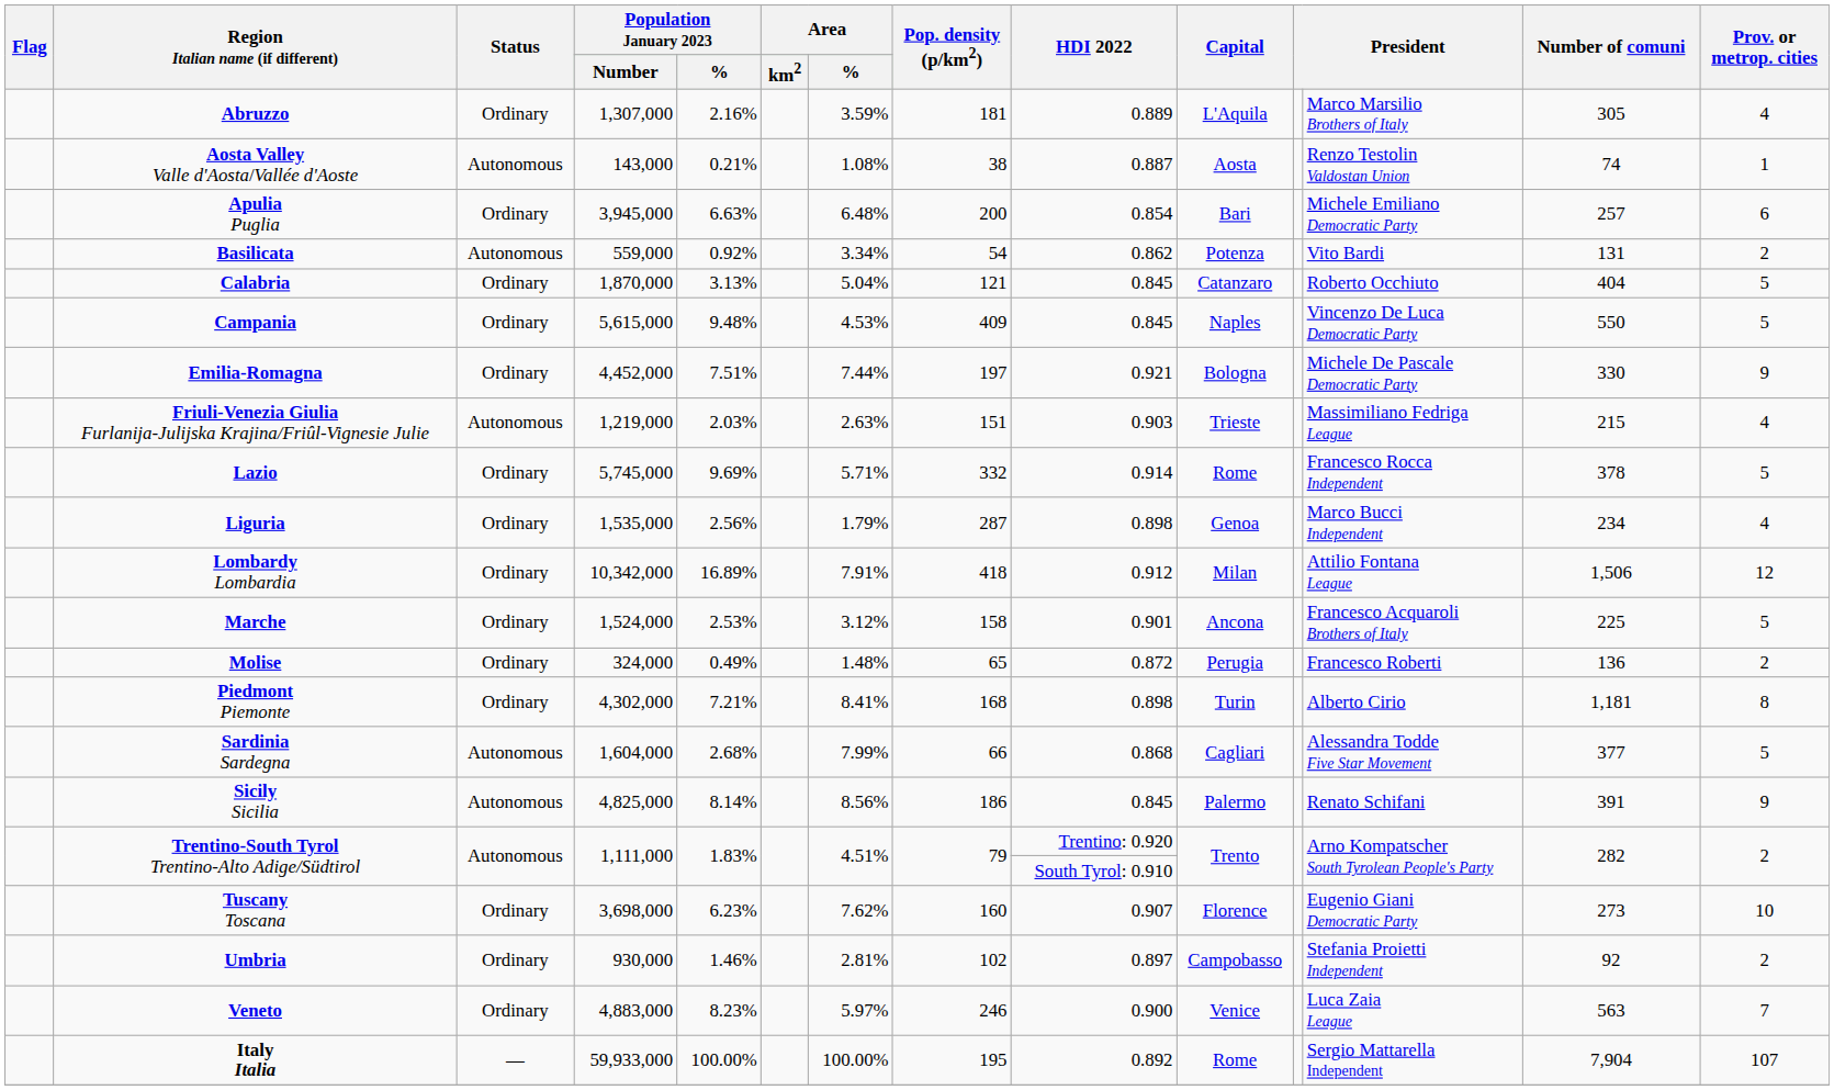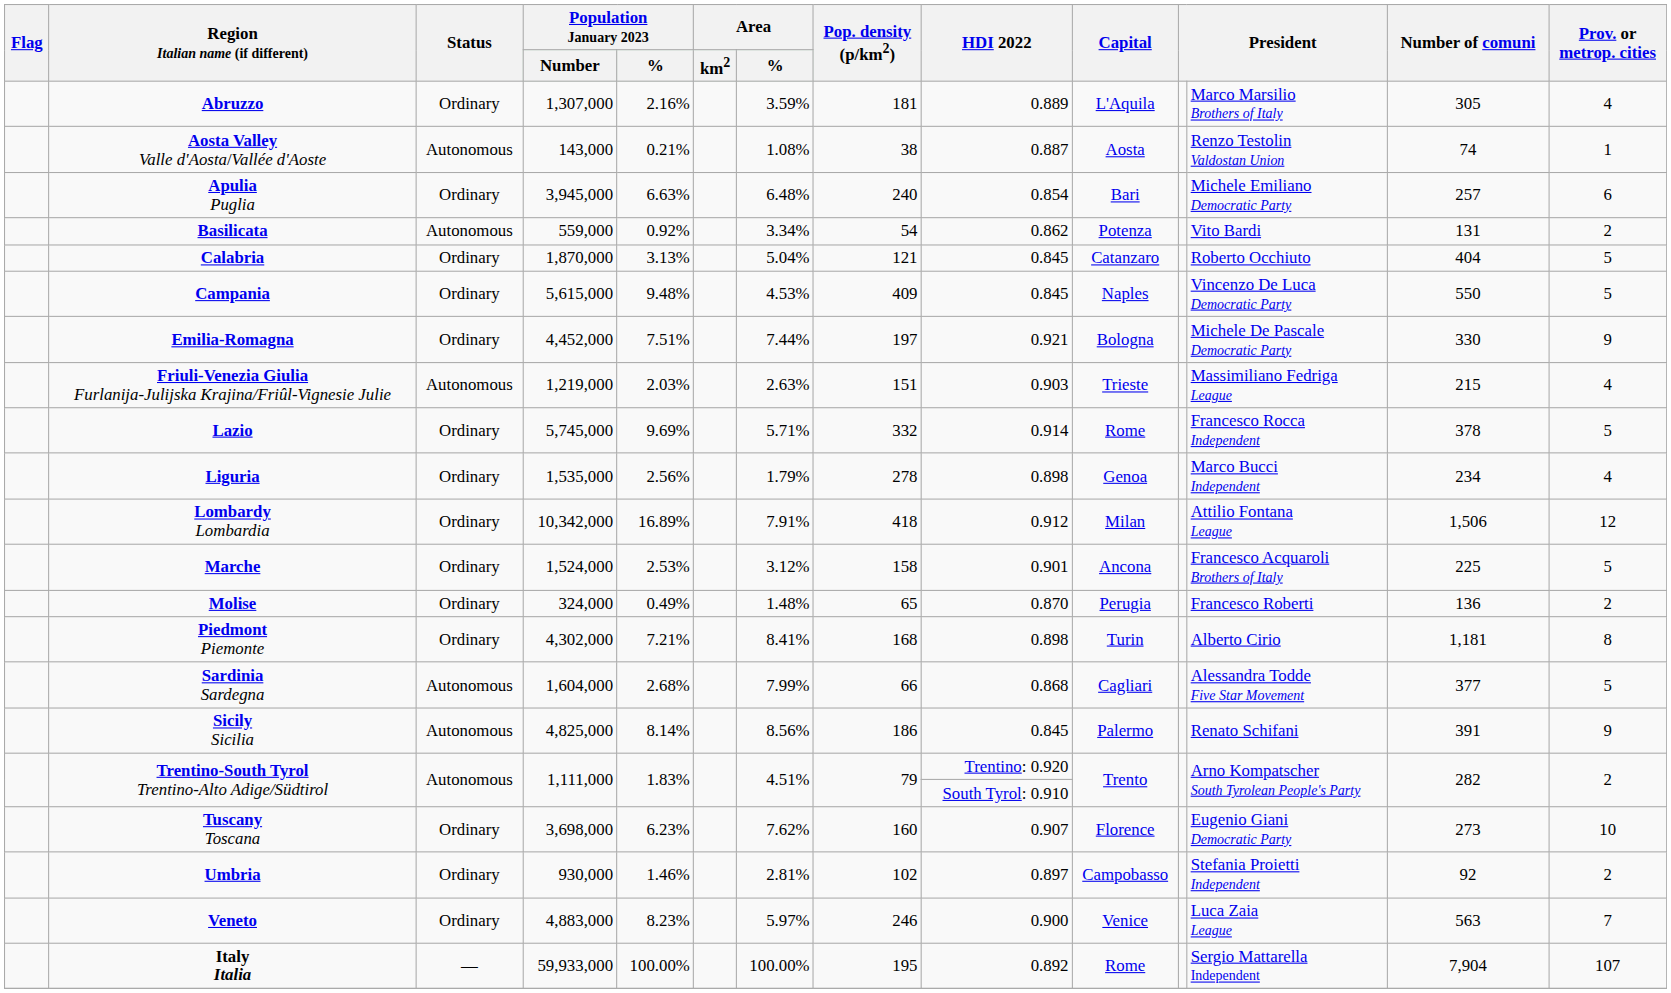 <table class="wikitable sortable" align="center" width="100%" style="font-size:100%">
 <tr>
 <th class="unsortable" rowspan="2"><a href='#'>Flag</a></th>
 <th rowspan=2>Region<br><small><em>Italian name</em> (if different)</small></th>
 <th rowspan=2>Status</th>
 <th colspan=2><a href='#'>Population</a><br><small>January 2023</small></th>
 <th colspan=2>Area</th>
 <th rowspan=2><a href='#'>Pop. density</a><br>(p/km<sup>2</sup>)</th>
 <th rowspan=2><a href='#'>HDI</a> 2022</th>
 <th rowspan=2><a href='#'>Capital</a></th>
 <th class="unsortable" colspan=2 rowspan=2>President</th>
 <th rowspan=2>Number of <a href='#'>comuni</a></th>
 <th rowspan=2><a href='#'>Prov.</a> or<br><a href='#'>metrop. cities</a></th>
 </tr>
 <tr style="background:#CEF6D8"|>
 <th>Number</th>
 <th>%</th>
 <th>km<sup>2</sup></th>
 <th>%</th>
 </tr>
 <tr>
 <td align=center></td>
 <td align=center><strong><a href='#'>Abruzzo</a></strong></td>
 <td align=center>Ordinary</td>
 <td align=right>1,307,000</td>
 <td align=right>2.16%</td>
 <td align=right></td>
 <td align=right>3.59%</td>
 <td align=right>181</td>
 <td align=right>0.889</td>
 <td align=center><a href='#'>L'Aquila</a></td>
 <td style="background:"></td>
 <td><a href='#'>Marco Marsilio</a><br><small><em><a href='#'>Brothers of Italy</a></em></small></td>
 <td align=center>305</td>
 <td align=center>4</td>
 </tr>
 <tr>
 <td align=center></td>
 <td align=center><strong><a href='#'>Aosta Valley</a></strong><br><em>Valle d'Aosta</em>/<em>Vallée d'Aoste</em></td>
 <td align=center>Autonomous</td>
 <td align=right>143,000</td>
 <td align=right>0.21%</td>
 <td align=right></td>
 <td align=right>1.08%</td>
 <td align=right>38</td>
 <td align=right>0.887</td>
 <td align=center><a href='#'>Aosta</a></td>
 <td style="background:"></td>
 <td><a href='#'>Renzo Testolin</a><br><small><em><a href='#'>Valdostan Union</a></em></small></td>
 <td align=center>74</td>
 <td align=center>1</td>
 </tr>
 <tr>
 <td align=center></td>
 <td align=center><strong><a href='#'>Apulia</a></strong><br><em>Puglia</em></td>
 <td align=center>Ordinary</td>
 <td align=right>3,945,000</td>
 <td align=right>6.63%</td>
 <td align=right></td>
 <td align=right>6.48%</td>
-<td align=right>200</td>
+<td align=right>240</td>
 <td align=right>0.854</td>
 <td align=center><a href='#'>Bari</a></td>
 <td style="background:"></td>
 <td><a href='#'>Michele Emiliano</a><br><small><em><a href='#'>Democratic Party</a></em></small></td>
 <td align=center>257</td>
 <td align=center>6</td>
 </tr>
 <tr>
 <td align=center></td>
 <td align=center><strong><a href='#'>Basilicata</a></strong></td>
 <td align=center>Autonomous</td>
 <td align=right>559,000</td>
 <td align=right>0.92%</td>
 <td align=right></td>
 <td align=right>3.34%</td>
 <td align=right>54</td>
 <td align=right>0.862</td>
 <td align=center><a href='#'>Potenza</a></td>
 <td style="background:"></td>
 <td><a href='#'>Vito Bardi</a><br><small></small></td>
 <td align=center>131</td>
 <td align=center>2</td>
 </tr>
 <tr>
 <td align=center></td>
 <td align=center><strong><a href='#'>Calabria</a></strong></td>
 <td align=center>Ordinary</td>
 <td align=right>1,870,000</td>
 <td align=right>3.13%</td>
 <td align=right></td>
 <td align=right>5.04%</td>
 <td align=right>121</td>
 <td align=right>0.845</td>
 <td align=center><a href='#'>Catanzaro</a></td>
 <td style="background:"></td>
 <td><a href='#'>Roberto Occhiuto</a> <br><small></small></td>
 <td align=center>404</td>
 <td align=center>5</td>
 </tr>
 <tr>
 <td align=center></td>
 <td align=center><strong><a href='#'>Campania</a></strong></td>
 <td align=center>Ordinary</td>
 <td align=right>5,615,000</td>
 <td align=right>9.48%</td>
 <td align=right></td>
 <td align=right>4.53%</td>
 <td align=right>409</td>
 <td align=right>0.845</td>
 <td align=center><a href='#'>Naples</a></td>
 <td style="background:"></td>
 <td><a href='#'>Vincenzo De Luca</a><br><small><em><a href='#'>Democratic Party</a></em></small></td>
 <td align=center>550</td>
 <td align=center>5</td>
 </tr>
 <tr>
 <td align=center></td>
 <td align=center><strong><a href='#'>Emilia-Romagna</a></strong></td>
 <td align=center>Ordinary</td>
 <td align=right>4,452,000</td>
 <td align=right>7.51%</td>
 <td align=right></td>
 <td align=right>7.44%</td>
 <td align=right>197</td>
 <td align=right>0.921</td>
 <td align=center><a href='#'>Bologna</a></td>
 <td style="background:"></td>
 <td><a href='#'>Michele De Pascale</a><br><small><em><a href='#'>Democratic Party</a></em></small></td>
 <td align=center>330</td>
 <td align=center>9</td>
 </tr>
 <tr>
 <td align=center></td>
 <td align=center><strong><a href='#'>Friuli-Venezia Giulia</a></strong><br><em>Furlanija-Julijska Krajina/Friûl-Vignesie Julie</em></td>
 <td align=center>Autonomous</td>
 <td align=right>1,219,000</td>
 <td align=right>2.03%</td>
 <td align=right></td>
 <td align=right>2.63%</td>
 <td align=right>151</td>
 <td align=right>0.903</td>
 <td align=center><a href='#'>Trieste</a></td>
 <td style="background:"></td>
 <td><a href='#'>Massimiliano Fedriga</a><br><small><em><a href='#'>League</a></em></small></td>
 <td align=center>215</td>
 <td align=center>4</td>
 </tr>
 <tr>
 <td align=center></td>
 <td align=center><strong><a href='#'>Lazio</a></strong></td>
 <td align=center>Ordinary</td>
 <td align=right>5,745,000</td>
 <td align=right>9.69%</td>
 <td align=right></td>
 <td align=right>5.71%</td>
 <td align=right>332</td>
 <td align=right>0.914</td>
 <td align=center><a href='#'>Rome</a></td>
 <td style="background:"></td>
 <td><a href='#'>Francesco Rocca</a><br><small><em><a href='#'>Independent</a></em></small></td>
 <td align=center>378</td>
 <td align=center>5</td>
 </tr>
 <tr>
 <td align=center></td>
 <td align=center><strong><a href='#'>Liguria</a></strong></td>
 <td align=center>Ordinary</td>
 <td align=right>1,535,000</td>
 <td align=right>2.56%</td>
 <td align=right></td>
 <td align=right>1.79%</td>
-<td align=right>287</td>
+<td align=right>278</td>
 <td align=right>0.898</td>
 <td align=center><a href='#'>Genoa</a></td>
 <td style="background:"></td>
 <td><a href='#'>Marco Bucci</a><br><small><em><a href='#'>Independent</a></em></small></td>
 <td align=center>234</td>
 <td align=center>4</td>
 </tr>
 <tr>
 <td align=center></td>
 <td align=center><strong><a href='#'>Lombardy</a></strong><br><em>Lombardia</em></td>
 <td align=center>Ordinary</td>
 <td align=right>10,342,000</td>
 <td align=right>16.89%</td>
 <td align=right></td>
 <td align=right>7.91%</td>
 <td align=right>418</td>
 <td align=right>0.912</td>
 <td align=center><a href='#'>Milan</a></td>
 <td style="background:"></td>
 <td><a href='#'>Attilio Fontana</a><br><small><em><a href='#'>League</a></em></small></td>
 <td align=center>1,506</td>
 <td align=center>12</td>
 </tr>
 <tr>
 <td align=center></td>
 <td align=center><strong><a href='#'>Marche</a></strong></td>
 <td align=center>Ordinary</td>
 <td align=right>1,524,000</td>
 <td align=right>2.53%</td>
 <td align=right></td>
 <td align=right>3.12%</td>
 <td align=right>158</td>
 <td align=right>0.901</td>
 <td align=center><a href='#'>Ancona</a></td>
 <td style="background:"></td>
 <td><a href='#'>Francesco Acquaroli</a><br><small><em><a href='#'>Brothers of Italy</a></em></small></td>
 <td align=center>225</td>
 <td align=center>5</td>
 </tr>
 <tr>
 <td align=center></td>
 <td align=center><strong><a href='#'>Molise</a></strong></td>
 <td align=center>Ordinary</td>
 <td align=right>324,000</td>
 <td align=right>0.49%</td>
 <td align=right></td>
 <td align=right>1.48%</td>
 <td align=right>65</td>
-<td align=right>0.872</td>
+<td align=right>0.870</td>
 <td align=center><a href='#'>Perugia</a></td>
 <td style="background:"></td>
 <td><a href='#'>Francesco Roberti</a><br><small></small></td>
 <td align=center>136</td>
 <td align=center>2</td>
 </tr>
 <tr>
 <td align=center></td>
 <td align=center><strong><a href='#'>Piedmont</a></strong><br><em>Piemonte</em></td>
 <td align=center>Ordinary</td>
 <td align=right>4,302,000</td>
 <td align=right>7.21%</td>
 <td align=right></td>
 <td align=right>8.41%</td>
 <td align=right>168</td>
 <td align=right>0.898</td>
 <td align=center><a href='#'>Turin</a></td>
 <td style="background:"></td>
 <td><a href='#'>Alberto Cirio</a><br><small></small></td>
 <td align=center>1,181</td>
 <td align=center>8</td>
 </tr>
 <tr>
 <td align=center></td>
 <td align=center><strong><a href='#'>Sardinia</a></strong><br><em>Sardegna</em></td>
 <td align=center>Autonomous</td>
 <td align=right>1,604,000</td>
 <td align=right>2.68%</td>
 <td align=right></td>
 <td align=right>7.99%</td>
 <td align=right>66</td>
 <td align=right>0.868</td>
 <td align=center><a href='#'>Cagliari</a></td>
 <td style="background:"></td>
 <td><a href='#'>Alessandra Todde</a><br><small><em><a href='#'>Five Star Movement</a></em></small></td>
 <td align=center>377</td>
 <td align=center>5</td>
 </tr>
 <tr>
 <td align=center></td>
 <td align=center><strong><a href='#'>Sicily</a></strong><br><em>Sicilia</em></td>
 <td align=center>Autonomous</td>
 <td align=right>4,825,000</td>
 <td align=right>8.14%</td>
 <td align=right></td>
 <td align=right>8.56%</td>
 <td align=right>186</td>
 <td align=right>0.845</td>
 <td align=center><a href='#'>Palermo</a></td>
 <td style="background:"></td>
 <td><a href='#'>Renato Schifani</a><br><small></small></td>
 <td align=center>391</td>
 <td align=center>9</td>
 </tr>
 <tr>
 <td rowspan="2" align="center"></td>
 <td rowspan="2" align="center"><strong><a href='#'>Trentino-South Tyrol</a></strong><br><em>Trentino-Alto Adige/Südtirol</em></td>
 <td rowspan="2" align="center">Autonomous</td>
 <td rowspan="2" align="right">1,111,000</td>
 <td rowspan="2" align="right">1.83%</td>
 <td rowspan="2" align="right"></td>
 <td rowspan="2" align="right">4.51%</td>
 <td rowspan="2" align="right">79</td>
 <td align=right><a href='#'>Trentino</a>: 0.920</td>
 <td rowspan="2" align="center"><a href='#'>Trento</a></td>
 <td rowspan="2" style="background:"></td>
 <td rowspan="2"><a href='#'>Arno Kompatscher</a><br><small><em><a href='#'>South Tyrolean People's Party</a></em></small></td>
 <td rowspan="2" align="center">282</td>
 <td rowspan="2" align="center">2</td>
 </tr>
 <tr>
 <td align=right><a href='#'>South Tyrol</a>: 0.910</td>
 </tr>
 <tr>
 <td align=center></td>
 <td align=center><strong><a href='#'>Tuscany</a></strong><br><em>Toscana</em></td>
 <td align=center>Ordinary</td>
 <td align=right>3,698,000</td>
 <td align=right>6.23%</td>
 <td align=right></td>
 <td align=right>7.62%</td>
 <td align=right>160</td>
 <td align=right>0.907</td>
 <td align=center><a href='#'>Florence</a></td>
 <td style="background:"></td>
 <td><a href='#'>Eugenio Giani</a><br><small><em><a href='#'>Democratic Party</a></em></small></td>
 <td align=center>273</td>
 <td align=center>10</td>
 </tr>
 <tr>
 <td align=center></td>
 <td align=center><strong><a href='#'>Umbria</a></strong></td>
 <td align=center>Ordinary</td>
 <td align=right>930,000</td>
 <td align=right>1.46%</td>
 <td align=right></td>
 <td align=right>2.81%</td>
 <td align=right>102</td>
 <td align=right>0.897</td>
 <td align=center><a href='#'>Campobasso</a></td>
 <td style="background:"></td>
 <td><a href='#'>Stefania Proietti</a><br><small><em><a href='#'>Independent</a></em></small></td>
 <td align=center>92</td>
 <td align=center>2</td>
 </tr>
 <tr>
 <td align=center></td>
 <td align=center><strong><a href='#'>Veneto</a></strong></td>
 <td align=center>Ordinary</td>
 <td align=right>4,883,000</td>
 <td align=right>8.23%</td>
 <td align=right></td>
 <td align=right>5.97%</td>
 <td align=right>246</td>
 <td align=right>0.900</td>
 <td align=center><a href='#'>Venice</a></td>
 <td style="background:"></td>
 <td><a href='#'>Luca Zaia</a><br><small><em><a href='#'>League</a></em></small></td>
 <td align=center>563</td>
 <td align=center>7</td>
 </tr>
 <tr>
 <td align=center></td>
 <td align=center><strong>Italy<br><em>Italia<strong><em></td>
 <td align=center></strong>—<strong></td>
 <td align=right></strong>59,933,000<strong></td>
 <td align=right></strong>100.00%<strong></td>
 <td align=right></strong><strong></td>
 <td align=right></strong>100.00%<strong></td>
 <td align=right></strong>195<strong></td>
 <td align=right></strong>0.892<strong></td>
 <td align=center></strong><a href='#'>Rome</a><strong></td>
 <td style="background:"></td>
 <td></strong><a href='#'>Sergio Mattarella</a><br><small></em><a href='#'>Independent</a><em></small><strong></td>
 <td align=center></strong>7,904<strong></td>
 <td align=center></strong>107<strong></td>
 </tr>
 <tr>
 </tr>
 <tr class="sortbottom">
 </tr>
 </table>
